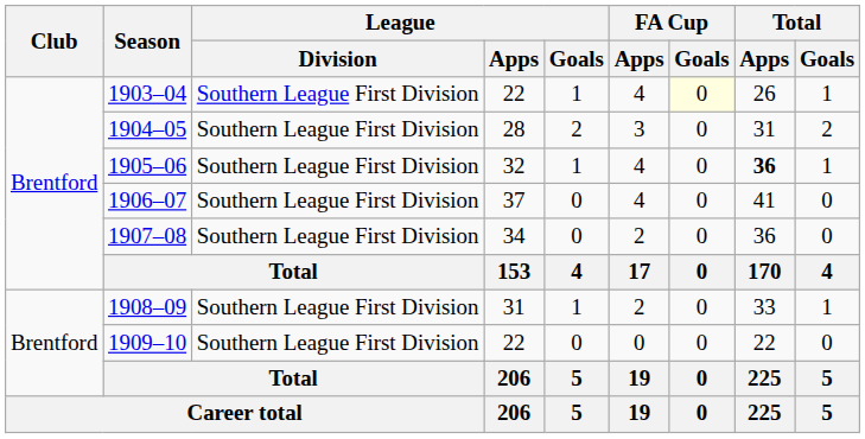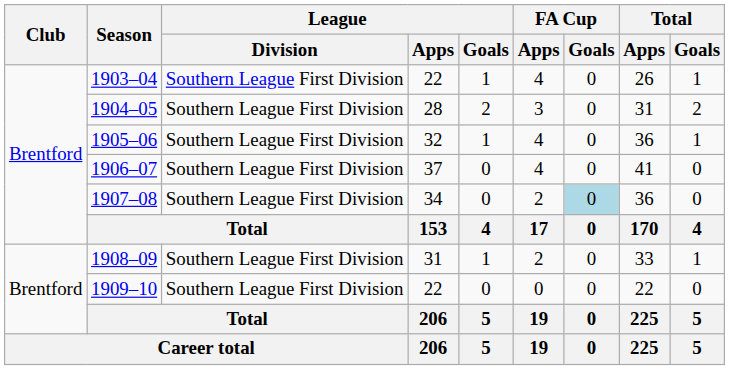 <table class="wikitable" style="text-align: center;">
 <tr>
 <th rowspan="2">Club</th>
 <th rowspan="2">Season</th>
 <th colspan="3">League</th>
 <th colspan="2">FA Cup</th>
 <th colspan="2">Total</th>
 </tr>
 <tr>
 <th>Division</th>
 <th>Apps</th>
 <th>Goals</th>
 <th>Apps</th>
 <th>Goals</th>
 <th>Apps</th>
 <th>Goals</th>
 </tr>
 <tr>
 <td rowspan="6"><a href='#'>Brentford</a></td>
 <td><a href='#'>1903–04</a></td>
 <td><a href='#'>Southern League</a> First Division</td>
 <td>22</td>
 <td>1</td>
 <td>4</td>
-<td style="background: lightyellow;">0</td>
+<td>0</td>
 <td>26</td>
 <td>1</td>
 </tr>
 <tr>
 <td><a href='#'>1904–05</a></td>
 <td>Southern League First Division</td>
 <td>28</td>
 <td>2</td>
 <td>3</td>
 <td>0</td>
 <td>31</td>
 <td>2</td>
 </tr>
 <tr>
 <td><a href='#'>1905–06</a></td>
 <td>Southern League First Division</td>
 <td>32</td>
 <td>1</td>
 <td>4</td>
 <td>0</td>
-<td><strong>36</strong></td>
+<td>36</td>
 <td>1</td>
 </tr>
 <tr>
 <td><a href='#'>1906–07</a></td>
 <td>Southern League First Division</td>
 <td>37</td>
 <td>0</td>
 <td>4</td>
 <td>0</td>
 <td>41</td>
 <td>0</td>
 </tr>
 <tr>
 <td><a href='#'>1907–08</a></td>
 <td>Southern League First Division</td>
 <td>34</td>
 <td>0</td>
 <td>2</td>
-<td>0</td>
+<td style="background: lightblue;">0</td>
 <td>36</td>
 <td>0</td>
 </tr>
 <tr>
 <th colspan="2">Total</th>
 <th>153</th>
 <th>4</th>
 <th>17</th>
 <th>0</th>
 <th>170</th>
 <th>4</th>
 </tr>
 <tr>
 <td rowspan="3">Brentford</td>
 <td><a href='#'>1908–09</a></td>
 <td>Southern League First Division</td>
 <td>31</td>
 <td>1</td>
 <td>2</td>
 <td>0</td>
 <td>33</td>
 <td>1</td>
 </tr>
 <tr>
 <td><a href='#'>1909–10</a></td>
 <td>Southern League First Division</td>
 <td>22</td>
 <td>0</td>
 <td>0</td>
 <td>0</td>
 <td>22</td>
 <td>0</td>
 </tr>
 <tr>
 <th colspan="2">Total</th>
 <th>206</th>
 <th>5</th>
 <th>19</th>
 <th>0</th>
 <th>225</th>
 <th>5</th>
 </tr>
 <tr>
 <th colspan="3">Career total</th>
 <th>206</th>
 <th>5</th>
 <th>19</th>
 <th>0</th>
 <th>225</th>
 <th>5</th>
 </tr>
 </table>
